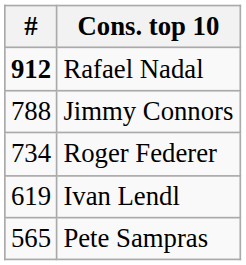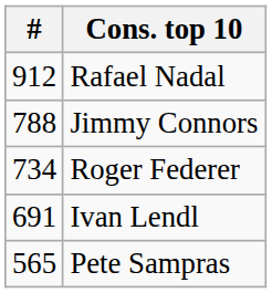 <table class="wikitable" style="display:inline-table;">
 <tr>
 <th>#</th>
 <th>Cons. top 10</th>
 </tr>
 <tr>
-<td><strong>912</strong></td>
+<td>912</td>
 <td> Rafael Nadal</td>
 </tr>
 <tr>
 <td>788</td>
 <td> Jimmy Connors</td>
 </tr>
 <tr>
 <td>734</td>
 <td> Roger Federer</td>
 </tr>
 <tr>
-<td>619</td>
+<td>691</td>
 <td> Ivan Lendl</td>
 </tr>
 <tr>
 <td>565</td>
 <td> Pete Sampras</td>
 </tr>
 </table>
